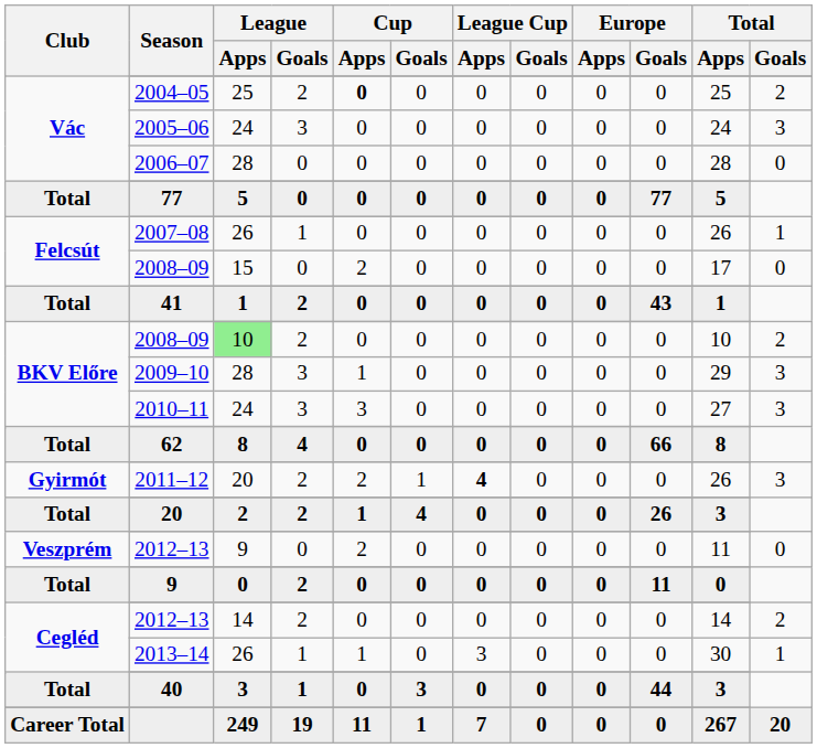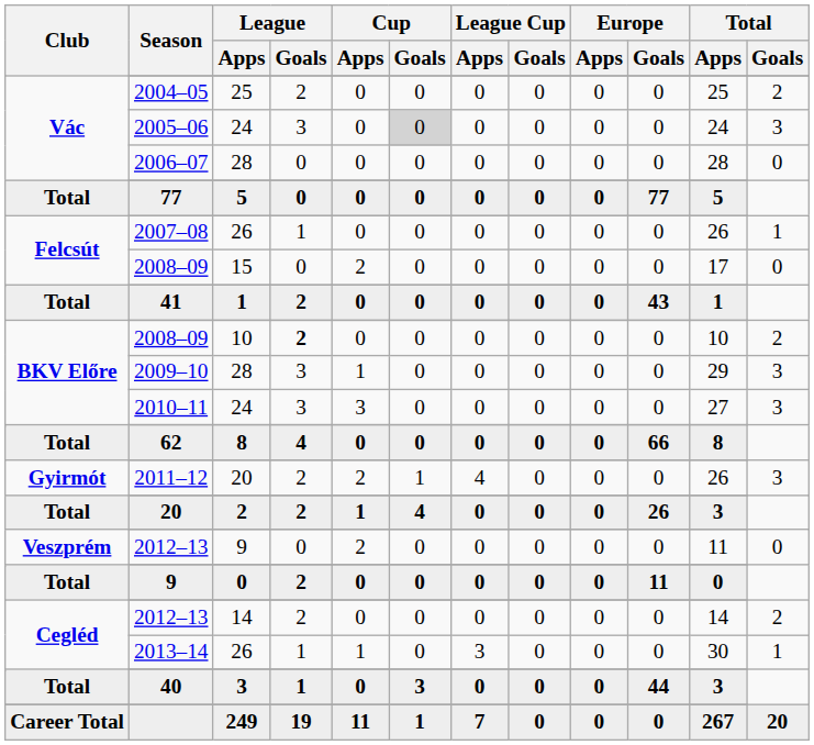 <table class="wikitable" style="font-size:90%; text-align: center;">
 <tr>
 <th rowspan="2">Club</th>
 <th rowspan="2">Season</th>
 <th colspan="2">League</th>
 <th colspan="2">Cup</th>
 <th colspan="2">League Cup</th>
 <th colspan="2">Europe</th>
 <th colspan="2">Total</th>
 </tr>
 <tr>
 <th>Apps</th>
 <th>Goals</th>
 <th>Apps</th>
 <th>Goals</th>
 <th>Apps</th>
 <th>Goals</th>
 <th>Apps</th>
 <th>Goals</th>
 <th>Apps</th>
 <th>Goals</th>
 </tr>
 <tr ||-||-||-|->
 <td rowspan="5" valign="center"><strong><a href='#'>Vác</a></strong></td>
 </tr>
 <tr>
 <td><a href='#'>2004–05</a></td>
 <td>25</td>
 <td>2</td>
-<td><strong>0</strong></td>
+<td>0</td>
 <td>0</td>
 <td>0</td>
 <td>0</td>
 <td>0</td>
 <td>0</td>
 <td>25</td>
 <td>2</td>
 </tr>
 <tr>
 <td><a href='#'>2005–06</a></td>
 <td>24</td>
 <td>3</td>
 <td>0</td>
-<td>0</td>
+<td style="background: lightgrey;">0</td>
 <td>0</td>
 <td>0</td>
 <td>0</td>
 <td>0</td>
 <td>24</td>
 <td>3</td>
 </tr>
 <tr>
 <td><a href='#'>2006–07</a></td>
 <td>28</td>
 <td>0</td>
 <td>0</td>
 <td>0</td>
 <td>0</td>
 <td>0</td>
 <td>0</td>
 <td>0</td>
 <td>28</td>
 <td>0</td>
 </tr>
 <tr>
 </tr>
 <tr style="font-weight:bold; background-color:#eeeeee;">
 <td>Total</td>
 <td>77</td>
 <td>5</td>
 <td>0</td>
 <td>0</td>
 <td>0</td>
 <td>0</td>
 <td>0</td>
 <td>0</td>
 <td>77</td>
 <td>5</td>
 </tr>
 <tr>
 <td rowspan="4" valign="center"><strong><a href='#'>Felcsút</a></strong></td>
 </tr>
 <tr>
 <td><a href='#'>2007–08</a></td>
 <td>26</td>
 <td>1</td>
 <td>0</td>
 <td>0</td>
 <td>0</td>
 <td>0</td>
 <td>0</td>
 <td>0</td>
 <td>26</td>
 <td>1</td>
 </tr>
 <tr>
 <td><a href='#'>2008–09</a></td>
 <td>15</td>
 <td>0</td>
 <td>2</td>
 <td>0</td>
 <td>0</td>
 <td>0</td>
 <td>0</td>
 <td>0</td>
 <td>17</td>
 <td>0</td>
 </tr>
 <tr>
 </tr>
 <tr style="font-weight:bold; background-color:#eeeeee;">
 <td>Total</td>
 <td>41</td>
 <td>1</td>
 <td>2</td>
 <td>0</td>
 <td>0</td>
 <td>0</td>
 <td>0</td>
 <td>0</td>
 <td>43</td>
 <td>1</td>
 </tr>
 <tr>
 <td rowspan="5" valign="center"><strong><a href='#'>BKV Előre</a></strong></td>
 </tr>
 <tr>
 <td><a href='#'>2008–09</a></td>
-<td style="background: lightgreen;">10</td>
-<td>2</td>
+<td>10</td>
+<td><strong>2</strong></td>
 <td>0</td>
 <td>0</td>
 <td>0</td>
 <td>0</td>
 <td>0</td>
 <td>0</td>
 <td>10</td>
 <td>2</td>
 </tr>
 <tr>
 <td><a href='#'>2009–10</a></td>
 <td>28</td>
 <td>3</td>
 <td>1</td>
 <td>0</td>
 <td>0</td>
 <td>0</td>
 <td>0</td>
 <td>0</td>
 <td>29</td>
 <td>3</td>
 </tr>
 <tr>
 <td><a href='#'>2010–11</a></td>
 <td>24</td>
 <td>3</td>
 <td>3</td>
 <td>0</td>
 <td>0</td>
 <td>0</td>
 <td>0</td>
 <td>0</td>
 <td>27</td>
 <td>3</td>
 </tr>
 <tr>
 </tr>
 <tr style="font-weight:bold; background-color:#eeeeee;">
 <td>Total</td>
 <td>62</td>
 <td>8</td>
 <td>4</td>
 <td>0</td>
 <td>0</td>
 <td>0</td>
 <td>0</td>
 <td>0</td>
 <td>66</td>
 <td>8</td>
 </tr>
 <tr>
 <td rowspan="3" valign="center"><strong><a href='#'>Gyirmót</a></strong></td>
 </tr>
 <tr>
 <td><a href='#'>2011–12</a></td>
 <td>20</td>
 <td>2</td>
 <td>2</td>
 <td>1</td>
-<td><strong>4</strong></td>
+<td>4</td>
 <td>0</td>
 <td>0</td>
 <td>0</td>
 <td>26</td>
 <td>3</td>
 </tr>
 <tr>
 </tr>
 <tr style="font-weight:bold; background-color:#eeeeee;">
 <td>Total</td>
 <td>20</td>
 <td>2</td>
 <td>2</td>
 <td>1</td>
 <td>4</td>
 <td>0</td>
 <td>0</td>
 <td>0</td>
 <td>26</td>
 <td>3</td>
 </tr>
 <tr>
 <td rowspan="3" valign="center"><strong><a href='#'>Veszprém</a></strong></td>
 </tr>
 <tr>
 <td><a href='#'>2012–13</a></td>
 <td>9</td>
 <td>0</td>
 <td>2</td>
 <td>0</td>
 <td>0</td>
 <td>0</td>
 <td>0</td>
 <td>0</td>
 <td>11</td>
 <td>0</td>
 </tr>
 <tr>
 </tr>
 <tr style="font-weight:bold; background-color:#eeeeee;">
 <td>Total</td>
 <td>9</td>
 <td>0</td>
 <td>2</td>
 <td>0</td>
 <td>0</td>
 <td>0</td>
 <td>0</td>
 <td>0</td>
 <td>11</td>
 <td>0</td>
 </tr>
 <tr>
 <td rowspan="4" valign="center"><strong><a href='#'>Cegléd</a></strong></td>
 </tr>
 <tr>
 <td><a href='#'>2012–13</a></td>
 <td>14</td>
 <td>2</td>
 <td>0</td>
 <td>0</td>
 <td>0</td>
 <td>0</td>
 <td>0</td>
 <td>0</td>
 <td>14</td>
 <td>2</td>
 </tr>
 <tr>
 <td><a href='#'>2013–14</a></td>
 <td>26</td>
 <td>1</td>
 <td>1</td>
 <td>0</td>
 <td>3</td>
 <td>0</td>
 <td>0</td>
 <td>0</td>
 <td>30</td>
 <td>1</td>
 </tr>
 <tr>
 </tr>
 <tr style="font-weight:bold; background-color:#eeeeee;">
 <td>Total</td>
 <td>40</td>
 <td>3</td>
 <td>1</td>
 <td>0</td>
 <td>3</td>
 <td>0</td>
 <td>0</td>
 <td>0</td>
 <td>44</td>
 <td>3</td>
 </tr>
 <tr>
 </tr>
 <tr style="font-weight:bold; background-color:#eeeeee;">
 <td rowspan="2" valign="top"><strong>Career Total</strong></td>
 <td></td>
 <td><strong>249</strong></td>
 <td><strong>19</strong></td>
 <td><strong>11</strong></td>
 <td><strong>1</strong></td>
 <td><strong>7</strong></td>
 <td><strong>0</strong></td>
 <td><strong>0</strong></td>
 <td><strong>0</strong></td>
 <td><strong>267</strong></td>
 <td><strong>20</strong></td>
 </tr>
 </table>
